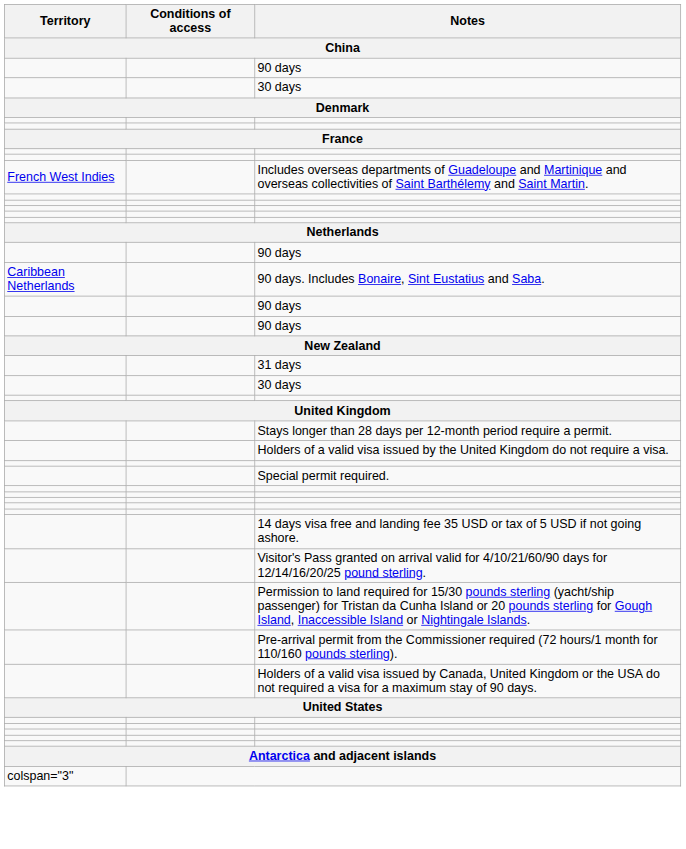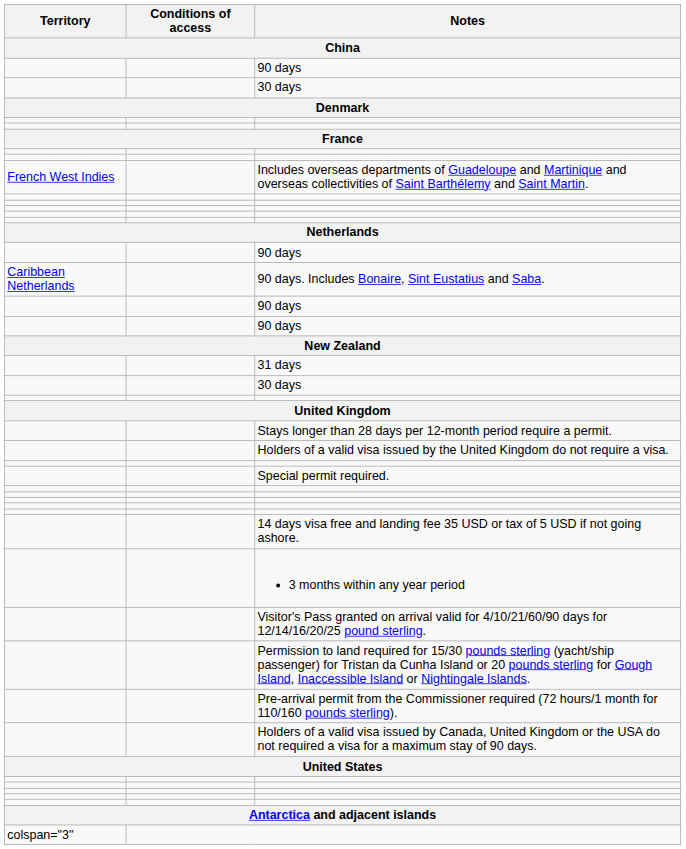 <table class="wikitable" style="text-align: left; table-layout: fixed;">
 <tr>
 <th style="width:18%;">Territory</th>
 <th style="width:19%;">Conditions of access</th>
 <th>Notes</th>
 </tr>
 <tr>
 <th colspan="3">China</th>
 </tr>
 <tr>
 <td></td>
 <td></td>
 <td>90 days</td>
 </tr>
 <tr>
 <td></td>
 <td></td>
 <td>30 days</td>
 </tr>
 <tr>
 <th colspan="3">Denmark</th>
 </tr>
 <tr>
 <td></td>
 <td></td>
 <td></td>
 </tr>
 <tr>
 <td></td>
 <td></td>
 <td></td>
 </tr>
 <tr>
 <th colspan="3">France</th>
 </tr>
 <tr>
 <td></td>
 <td></td>
 <td></td>
 </tr>
 <tr>
 <td></td>
 <td></td>
 <td></td>
 </tr>
 <tr>
 <td> <a href='#'>French West Indies</a></td>
 <td></td>
 <td>Includes overseas departments of <a href='#'>Guadeloupe</a> and <a href='#'>Martinique</a> and overseas collectivities of <a href='#'>Saint Barthélemy</a> and <a href='#'>Saint Martin</a>.</td>
 </tr>
 <tr>
 <td></td>
 <td></td>
 <td></td>
 </tr>
 <tr>
 <td></td>
 <td></td>
 <td></td>
 </tr>
 <tr>
 <td></td>
 <td></td>
 <td></td>
 </tr>
 <tr>
 <td></td>
 <td></td>
 <td></td>
 </tr>
 <tr>
 <td></td>
 <td></td>
 <td></td>
 </tr>
 <tr>
 <th colspan="3">Netherlands</th>
 </tr>
 <tr>
 <td></td>
 <td></td>
 <td>90 days</td>
 </tr>
 <tr>
 <td> <a href='#'>Caribbean Netherlands</a></td>
 <td></td>
 <td>90 days. Includes <a href='#'>Bonaire</a>, <a href='#'>Sint Eustatius</a> and <a href='#'>Saba</a>.</td>
 </tr>
 <tr>
 <td></td>
 <td></td>
 <td>90 days</td>
 </tr>
 <tr>
 <td></td>
 <td></td>
 <td>90 days</td>
 </tr>
 <tr>
 <th colspan="3">New Zealand</th>
 </tr>
 <tr>
 <td></td>
 <td></td>
 <td>31 days</td>
 </tr>
 <tr>
 <td></td>
 <td></td>
 <td>30 days</td>
 </tr>
 <tr>
 <td></td>
 <td></td>
 <td></td>
 </tr>
 <tr>
 <th colspan="3">United Kingdom</th>
 </tr>
 <tr>
 <td></td>
 <td></td>
 <td>Stays longer than 28 days per 12-month period require a permit.</td>
 </tr>
 <tr>
 <td></td>
 <td></td>
 <td>Holders of a valid visa issued by the United Kingdom do not require a visa.</td>
 </tr>
 <tr>
 <td></td>
 <td></td>
 <td></td>
 </tr>
 <tr>
 <td></td>
 <td></td>
 <td>Special permit required.</td>
 </tr>
 <tr>
 <td></td>
 <td></td>
 <td></td>
 </tr>
 <tr>
 <td></td>
 <td></td>
 <td></td>
 </tr>
 <tr>
 <td></td>
 <td></td>
 <td></td>
 </tr>
 <tr>
 <td></td>
 <td></td>
 <td></td>
 </tr>
 <tr>
 <td></td>
 <td></td>
 <td></td>
 </tr>
 <tr>
 <td></td>
 <td></td>
 <td>14 days visa free and landing fee 35 USD or tax of 5 USD if not going ashore.</td>
 </tr>
 <tr>
 <td></td>
 <td></td>
+<td><br><ul><li>3 months within any year period</li></ul></td>
+</tr>
+<tr>
+<td></td>
+<td></td>
 <td>Visitor's Pass granted on arrival valid for 4/10/21/60/90 days for 12/14/16/20/25 <a href='#'>pound sterling</a>.</td>
 </tr>
 <tr>
 <td></td>
 <td></td>
 <td>Permission to land required for 15/30 <a href='#'>pounds sterling</a> (yacht/ship passenger) for Tristan da Cunha Island or 20 <a href='#'>pounds sterling</a> for <a href='#'>Gough Island</a>, <a href='#'>Inaccessible Island</a> or <a href='#'>Nightingale Islands</a>.</td>
 </tr>
 <tr>
 <td></td>
 <td></td>
 <td>Pre-arrival permit from the Commissioner required (72 hours/1 month for 110/160 <a href='#'>pounds sterling</a>).</td>
 </tr>
 <tr>
 <td></td>
 <td></td>
 <td>Holders of a valid visa issued by Canada, United Kingdom or the USA do not required a visa for a maximum stay of 90 days.</td>
 </tr>
 <tr>
 <th colspan="3">United States</th>
 </tr>
 <tr>
 <td></td>
 <td></td>
 <td></td>
 </tr>
 <tr>
 <td></td>
 <td></td>
 <td></td>
 </tr>
 <tr>
 <td></td>
 <td></td>
 <td></td>
 </tr>
 <tr>
 <td></td>
 <td></td>
 <td></td>
 </tr>
 <tr>
 <td></td>
 <td></td>
 <td></td>
 </tr>
 <tr>
 <th colspan="3"><a href='#'>Antarctica</a> and adjacent islands</th>
 </tr>
 <tr>
 <td>colspan="3" </td>
 </tr>
 </table>
